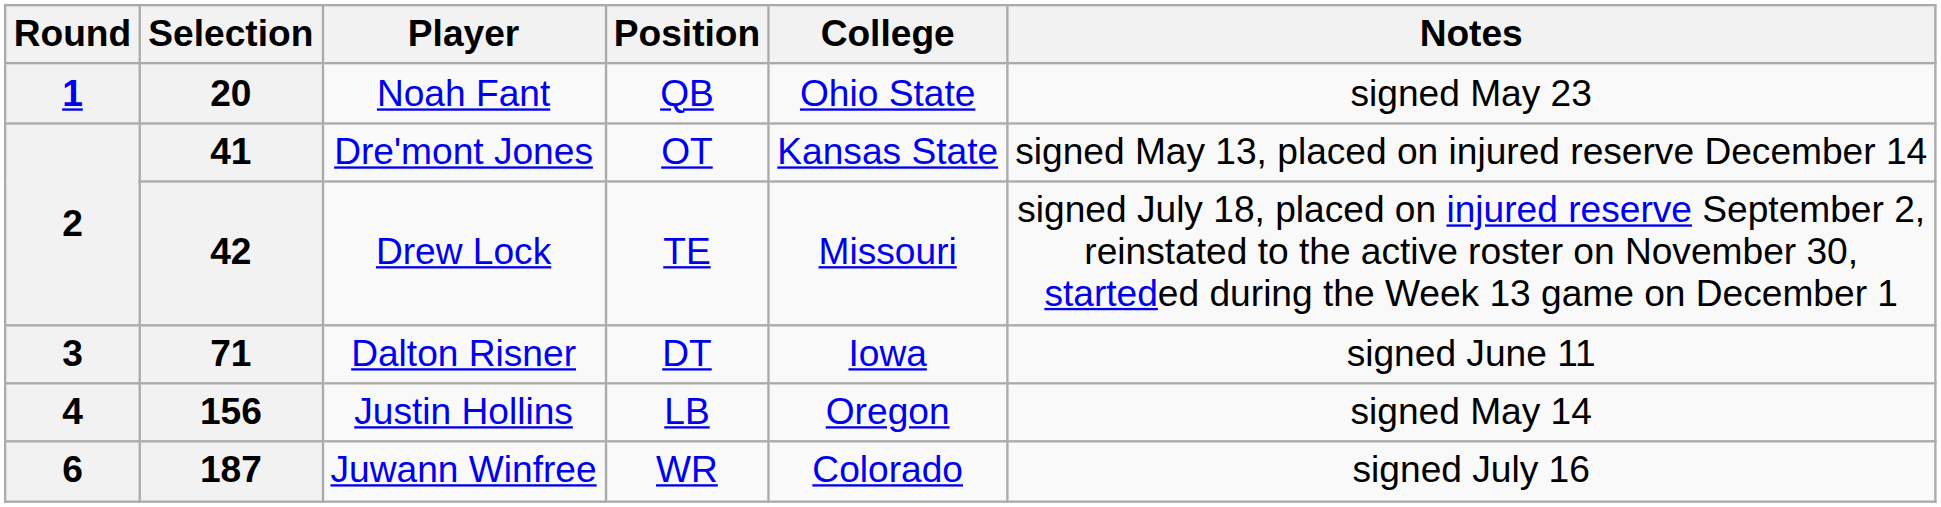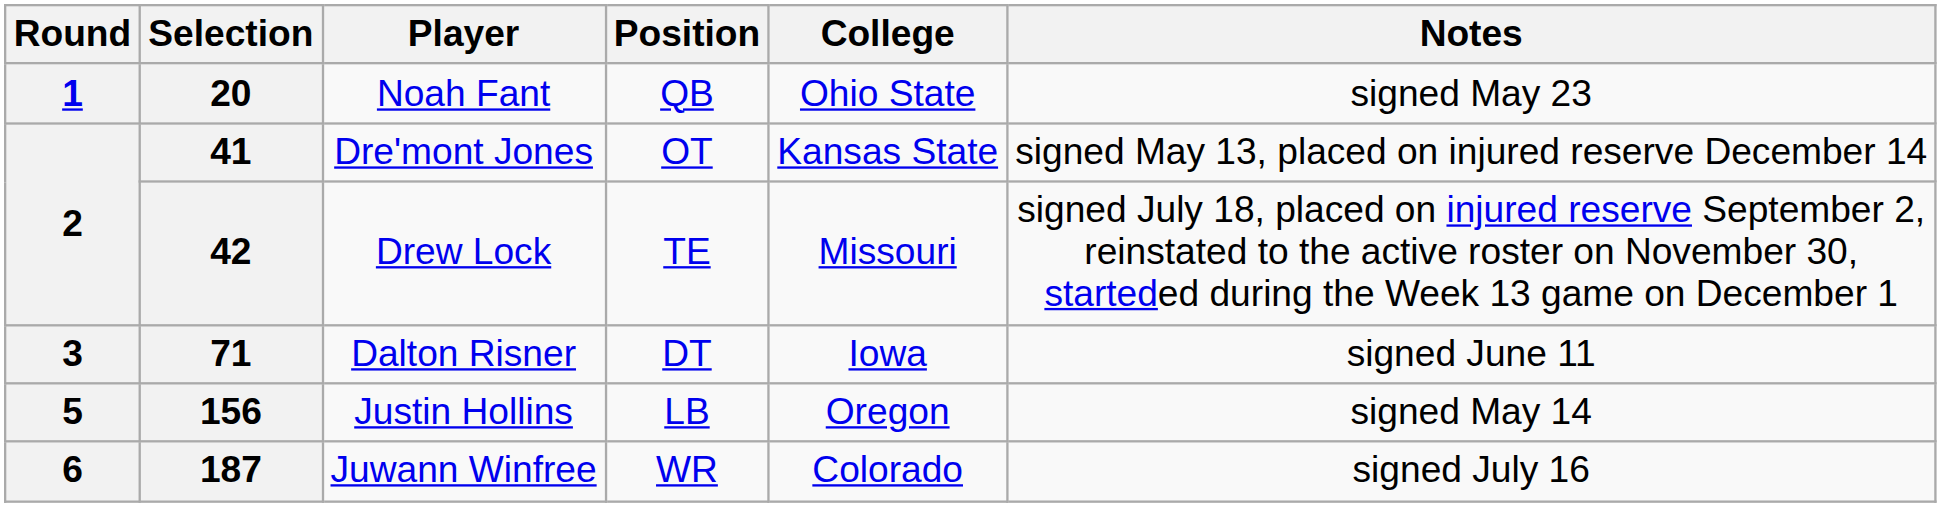 <table class="wikitable" style="text-align:center">
 <tr>
 <th>Round</th>
 <th>Selection</th>
 <th>Player</th>
 <th>Position</th>
 <th>College</th>
 <th>Notes</th>
 </tr>
 <tr>
 <th><a href='#'>1</a></th>
 <th>20</th>
 <td><a href='#'>Noah Fant</a></td>
 <td><a href='#'>QB</a></td>
 <td><a href='#'>Ohio State</a></td>
 <td>signed May 23</td>
 </tr>
 <tr>
 <th rowspan="2">2</th>
 <th>41</th>
 <td><a href='#'>Dre'mont Jones</a></td>
 <td><a href='#'>OT</a></td>
 <td><a href='#'>Kansas State</a></td>
 <td>signed May 13, placed on injured reserve December 14</td>
 </tr>
 <tr>
 <th>42</th>
 <td><a href='#'>Drew Lock</a></td>
 <td><a href='#'>TE</a></td>
 <td><a href='#'>Missouri</a></td>
 <td>signed July 18, placed on <a href='#'>injured reserve</a> September 2,<br>reinstated to the active roster on November 30,<br><a href='#'>started</a>ed during the Week 13 game on December 1</td>
 </tr>
 <tr>
 <th>3</th>
 <th>71</th>
 <td><a href='#'>Dalton Risner</a></td>
 <td><a href='#'>DT</a></td>
 <td><a href='#'>Iowa</a></td>
 <td>signed June 11</td>
 </tr>
 <tr>
-<th>4</th>
+<th>5</th>
 <th>156</th>
 <td><a href='#'>Justin Hollins</a></td>
 <td><a href='#'>LB</a></td>
 <td><a href='#'>Oregon</a></td>
 <td>signed May 14</td>
 </tr>
 <tr>
 <th>6</th>
 <th>187</th>
 <td><a href='#'>Juwann Winfree</a></td>
 <td><a href='#'>WR</a></td>
 <td><a href='#'>Colorado</a></td>
 <td>signed July 16</td>
 </tr>
 </table>
